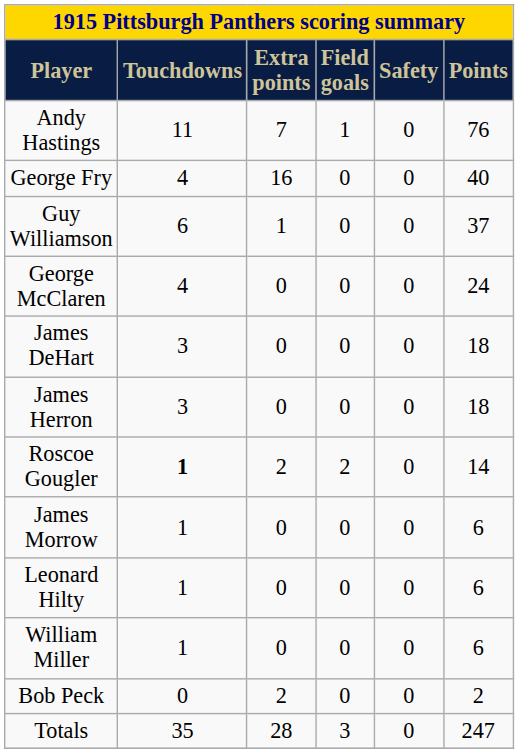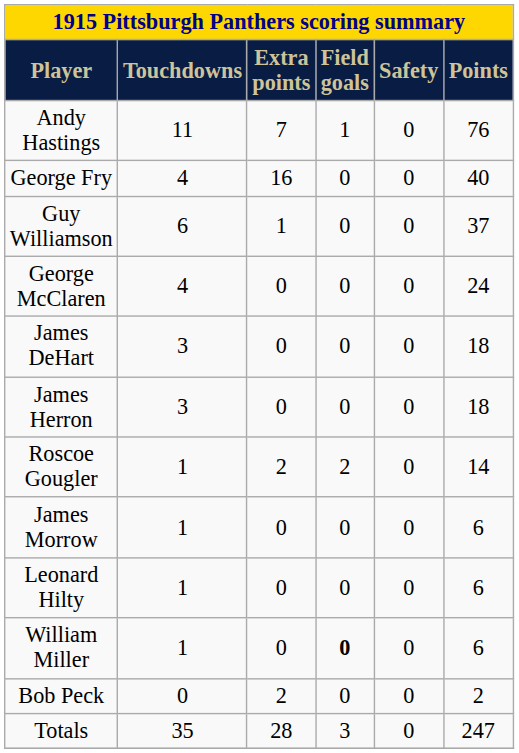 <table class="wikitable" width="35%">
 <tr>
 <th colspan="10" style="background:gold; color:darkblue; text-align: center;"><strong>1915 Pittsburgh Panthers scoring summary</strong></th>
 </tr>
 <tr align="center"  style="background:#091C44;color:#CEC499;">
 <td><strong>Player</strong></td>
 <td><strong>Touchdowns</strong></td>
 <td><strong>Extra points</strong></td>
 <td><strong>Field goals</strong></td>
 <td><strong>Safety</strong></td>
 <td><strong>Points</strong></td>
 </tr>
 <tr align="center" bgcolor="">
 <td>Andy Hastings</td>
 <td>11</td>
 <td>7</td>
 <td>1</td>
 <td>0</td>
 <td>76</td>
 </tr>
 <tr align="center" bgcolor="">
 <td>George Fry</td>
 <td>4</td>
 <td>16</td>
 <td>0</td>
 <td>0</td>
 <td>40</td>
 </tr>
 <tr align="center" bgcolor="">
 <td>Guy Williamson</td>
 <td>6</td>
 <td>1</td>
 <td>0</td>
 <td>0</td>
 <td>37</td>
 </tr>
 <tr align="center" bgcolor="">
 <td>George McClaren</td>
 <td>4</td>
 <td>0</td>
 <td>0</td>
 <td>0</td>
 <td>24</td>
 </tr>
 <tr align="center" bgcolor="">
 <td>James DeHart</td>
 <td>3</td>
 <td>0</td>
 <td>0</td>
 <td>0</td>
 <td>18</td>
 </tr>
 <tr align="center" bgcolor="">
 <td>James Herron</td>
 <td>3</td>
 <td>0</td>
 <td>0</td>
 <td>0</td>
 <td>18</td>
 </tr>
 <tr align="center" bgcolor="">
 <td>Roscoe Gougler</td>
-<td><strong>1</strong></td>
+<td>1</td>
 <td>2</td>
 <td>2</td>
 <td>0</td>
 <td>14</td>
 </tr>
 <tr align="center" bgcolor="">
 <td>James Morrow</td>
 <td>1</td>
 <td>0</td>
 <td>0</td>
 <td>0</td>
 <td>6</td>
 </tr>
 <tr align="center" bgcolor="">
 <td>Leonard Hilty</td>
 <td>1</td>
 <td>0</td>
 <td>0</td>
 <td>0</td>
 <td>6</td>
 </tr>
 <tr align="center" bgcolor="">
 <td>William Miller</td>
 <td>1</td>
 <td>0</td>
-<td>0</td>
+<td><strong>0</strong></td>
 <td>0</td>
 <td>6</td>
 </tr>
 <tr align="center" bgcolor="">
 <td>Bob Peck</td>
 <td>0</td>
 <td>2</td>
 <td>0</td>
 <td>0</td>
 <td>2</td>
 </tr>
 <tr align="center" bgcolor="">
 <td>Totals</td>
 <td>35</td>
 <td>28</td>
 <td>3</td>
 <td>0</td>
 <td>247</td>
 </tr>
 <tr align="center" bgcolor="">
 </tr>
 </table>
